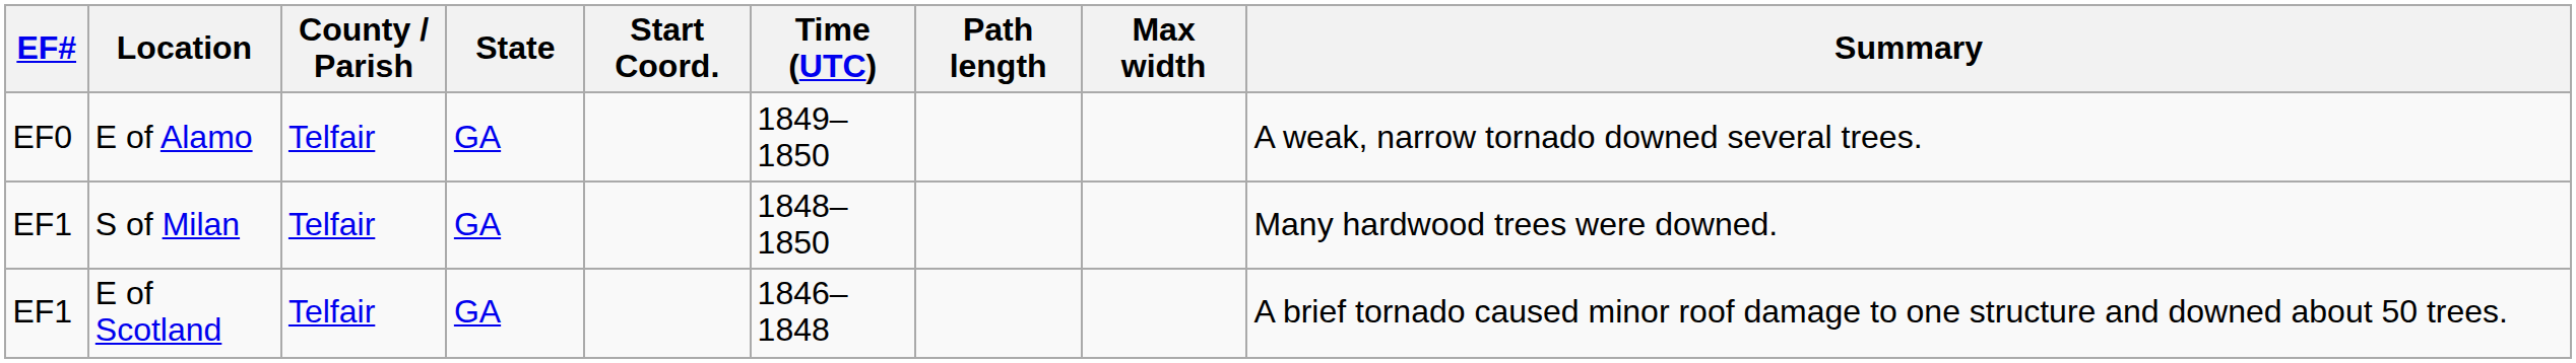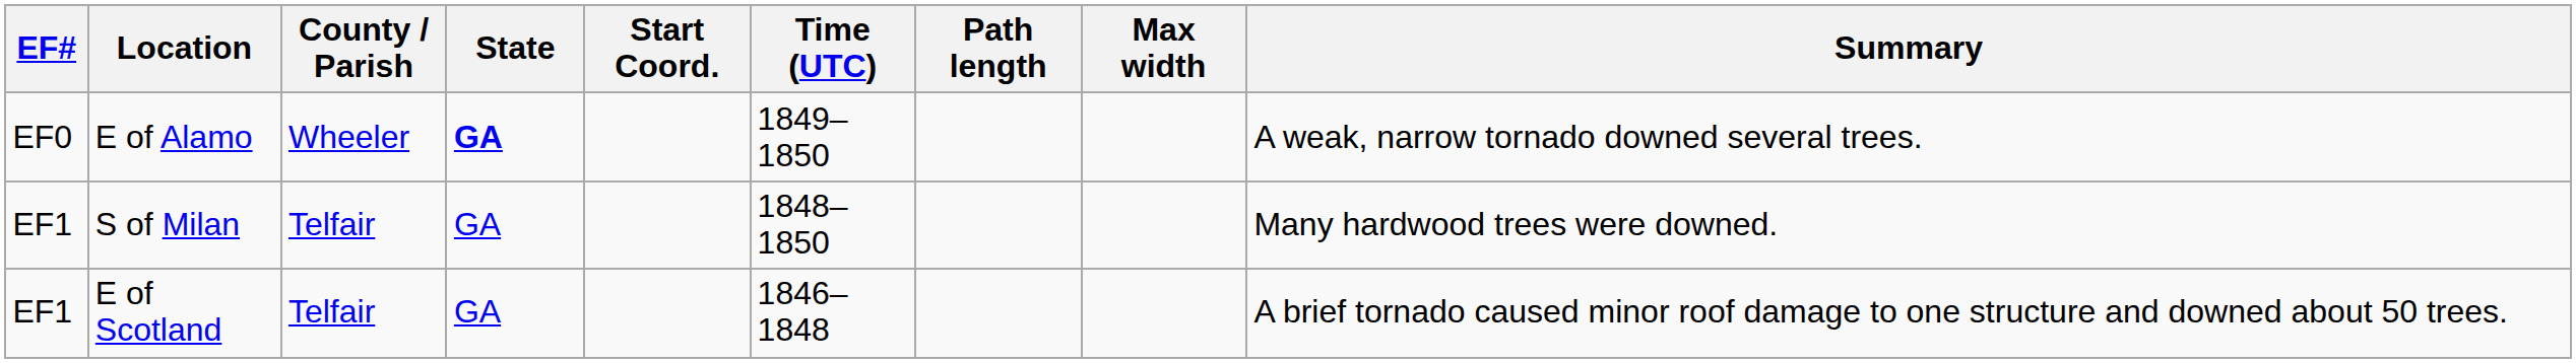 <table class="wikitable sortable" style="width:100%;">
 <tr>
 <th scope="col" width="3%" align="center"><a href='#'>EF#</a></th>
 <th scope="col" width="7%" align="center" class="unsortable">Location</th>
 <th scope="col" width="6%" align="center" class="unsortable">County / Parish</th>
 <th scope="col" width="5%" align="center">State</th>
 <th scope="col" width="6%" align="center">Start Coord.</th>
 <th scope="col" width="6%" align="center">Time (<a href='#'>UTC</a>)</th>
 <th scope="col" width="6%" align="center">Path length</th>
 <th scope="col" width="6%" align="center">Max width</th>
 <th scope="col" width="48%" class="unsortable" align="center">Summary</th>
 </tr>
 <tr>
 <td>EF0</td>
 <td>E of <a href='#'>Alamo</a></td>
-<td><a href='#'>Telfair</a></td>
-<td><a href='#'>GA</a></td>
+<td><a href='#'>Wheeler</a></td>
+<td><strong><a href='#'>GA</a></strong></td>
 <td></td>
 <td>1849–1850</td>
 <td></td>
 <td></td>
 <td>A weak, narrow tornado downed several trees.</td>
 </tr>
 <tr>
 <td>EF1</td>
 <td>S of <a href='#'>Milan</a></td>
 <td><a href='#'>Telfair</a></td>
 <td><a href='#'>GA</a></td>
 <td></td>
 <td>1848–1850</td>
 <td></td>
 <td></td>
 <td>Many hardwood trees were downed.</td>
 </tr>
 <tr>
 <td>EF1</td>
 <td>E of <a href='#'>Scotland</a></td>
 <td><a href='#'>Telfair</a></td>
 <td><a href='#'>GA</a></td>
 <td></td>
 <td>1846–1848</td>
 <td></td>
 <td></td>
 <td>A brief tornado caused minor roof damage to one structure and downed about 50 trees.</td>
 </tr>
 <tr>
 </tr>
 </table>
